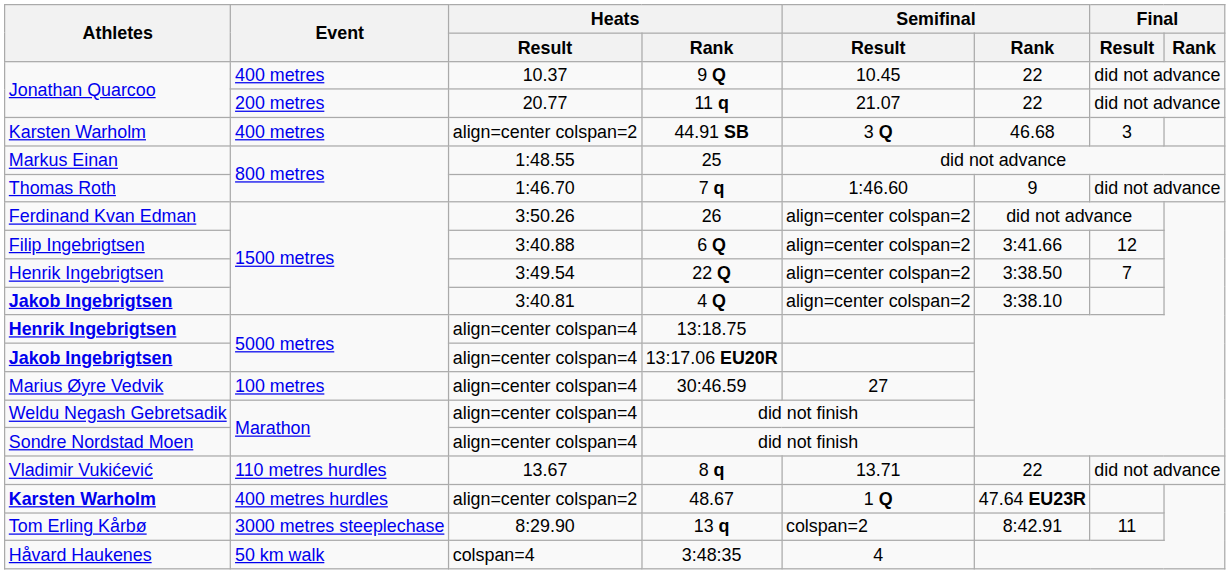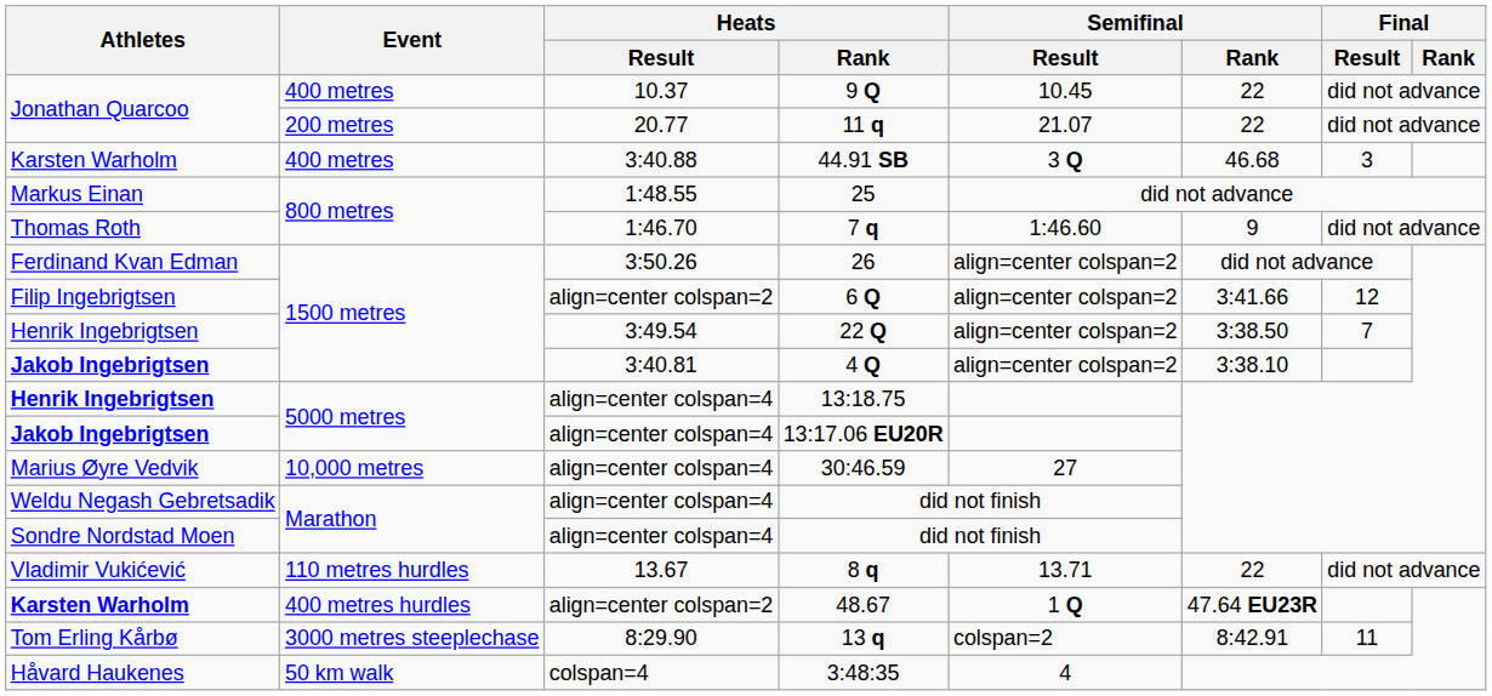 <table class="wikitable" border="1" style="font-size:90%">
 <tr>
 <th rowspan="2">Athletes</th>
 <th rowspan="2">Event</th>
 <th colspan="2">Heats</th>
 <th colspan="2">Semifinal</th>
 <th colspan="2">Final</th>
 </tr>
 <tr>
 <th>Result</th>
 <th>Rank</th>
 <th>Result</th>
 <th>Rank</th>
 <th>Result</th>
 <th>Rank</th>
 </tr>
 <tr>
 <td rowspan=2><a href='#'>Jonathan Quarcoo</a></td>
 <td><a href='#'>400 metres</a></td>
 <td align=center>10.37</td>
 <td align=center>9 <strong>Q</strong></td>
 <td align=center>10.45</td>
 <td align=center>22</td>
 <td align=center colspan=2>did not advance</td>
 </tr>
 <tr>
 <td><a href='#'>200 metres</a></td>
 <td align=center>20.77</td>
 <td align=center>11 <strong>q</strong></td>
 <td align=center>21.07</td>
 <td align=center>22</td>
 <td align=center colspan=2>did not advance</td>
 </tr>
 <tr>
 <td><a href='#'>Karsten Warholm</a></td>
 <td><a href='#'>400 metres</a></td>
-<td>align=center colspan=2 </td>
+<td align=center>3:40.88</td>
 <td align=center>44.91 <strong>SB</strong></td>
 <td align=center>3 <strong>Q</strong></td>
 <td align=center>46.68</td>
 <td align=center>3</td>
 </tr>
 <tr>
 <td><a href='#'>Markus Einan</a></td>
 <td rowspan=2><a href='#'>800 metres</a></td>
 <td align=center>1:48.55</td>
 <td align=center>25</td>
 <td align=center colspan=4>did not advance</td>
 </tr>
 <tr>
 <td><a href='#'>Thomas Roth</a></td>
 <td align=center>1:46.70</td>
 <td align=center>7 <strong>q</strong></td>
 <td align=center>1:46.60</td>
 <td align=center>9</td>
 <td align=center colspan=2>did not advance</td>
 </tr>
 <tr>
 <td><a href='#'>Ferdinand Kvan Edman</a></td>
 <td rowspan=4><a href='#'>1500 metres</a></td>
 <td align=center>3:50.26</td>
 <td align=center>26</td>
 <td>align=center colspan=2 </td>
 <td align=center colspan=2>did not advance</td>
 </tr>
 <tr>
 <td><a href='#'>Filip Ingebrigtsen</a></td>
-<td align=center>3:40.88</td>
+<td>align=center colspan=2 </td>
 <td align=center>6 <strong>Q</strong></td>
 <td>align=center colspan=2 </td>
 <td align=center>3:41.66</td>
 <td align=center>12</td>
 </tr>
 <tr>
 <td><a href='#'>Henrik Ingebrigtsen</a></td>
 <td align=center>3:49.54</td>
 <td align=center>22 <strong>Q</strong></td>
 <td>align=center colspan=2 </td>
 <td align=center>3:38.50</td>
 <td align=center>7</td>
 </tr>
 <tr>
 <td><strong><a href='#'>Jakob Ingebrigtsen</a></strong></td>
 <td align=center>3:40.81</td>
 <td align=center>4 <strong>Q</strong></td>
 <td>align=center colspan=2 </td>
 <td align=center>3:38.10</td>
 <td align=center></td>
 </tr>
 <tr>
 <td><strong><a href='#'>Henrik Ingebrigtsen</a></strong></td>
 <td rowspan=2><a href='#'>5000 metres</a></td>
 <td>align=center colspan=4 </td>
 <td align=center>13:18.75</td>
 <td align=center></td>
 </tr>
 <tr>
 <td><strong><a href='#'>Jakob Ingebrigtsen</a></strong></td>
 <td>align=center colspan=4 </td>
 <td align=center>13:17.06 <strong>EU20R</strong></td>
 <td align=center></td>
 </tr>
 <tr>
 <td><a href='#'>Marius Øyre Vedvik</a></td>
-<td><a href='#'>100 metres</a></td>
+<td><a href='#'>10,000 metres</a></td>
 <td>align=center colspan=4 </td>
 <td align=center>30:46.59</td>
 <td align=center>27</td>
 </tr>
 <tr>
 <td><a href='#'>Weldu Negash Gebretsadik</a></td>
 <td rowspan=2><a href='#'>Marathon</a></td>
 <td>align=center colspan=4 </td>
 <td align=center colspan=2>did not finish</td>
 </tr>
 <tr>
 <td><a href='#'>Sondre Nordstad Moen</a></td>
 <td>align=center colspan=4 </td>
 <td align=center colspan=2>did not finish</td>
 </tr>
 <tr>
 <td><a href='#'>Vladimir Vukićević</a></td>
 <td><a href='#'>110 metres hurdles</a></td>
 <td align=center>13.67</td>
 <td align=center>8 <strong>q</strong></td>
 <td align=center>13.71</td>
 <td align=center>22</td>
 <td align=center colspan=2>did not advance</td>
 </tr>
 <tr>
 <td><strong><a href='#'>Karsten Warholm</a></strong></td>
 <td><a href='#'>400 metres hurdles</a></td>
 <td>align=center colspan=2 </td>
 <td align=center>48.67</td>
 <td align=center>1 <strong>Q</strong></td>
 <td align=center>47.64 <strong>EU23R</strong></td>
 <td align=center></td>
 </tr>
 <tr>
 <td><a href='#'>Tom Erling Kårbø</a></td>
 <td><a href='#'>3000 metres steeplechase</a></td>
 <td align=center>8:29.90</td>
 <td align=center>13 <strong>q</strong></td>
 <td>colspan=2 </td>
 <td align=center>8:42.91</td>
 <td align=center>11</td>
 </tr>
 <tr>
 <td><a href='#'>Håvard Haukenes</a></td>
 <td><a href='#'>50 km walk</a></td>
 <td>colspan=4 </td>
 <td align=center>3:48:35</td>
 <td align=center>4</td>
 </tr>
 </table>
